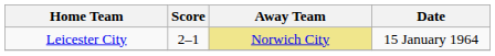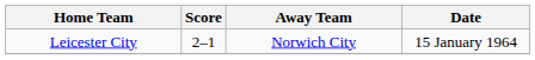 <table class="wikitable" style="text-align:center;">
 <tr>
 <th width=175>Home Team</th>
 <th width=20>Score</th>
 <th width=175>Away Team</th>
 <th width=125>Date</th>
 </tr>
 <tr>
 <td><a href='#'>Leicester City</a></td>
 <td>2–1</td>
-<td style="background: khaki;"><a href='#'>Norwich City</a></td>
+<td><a href='#'>Norwich City</a></td>
 <td>15 January 1964</td>
 </tr>
 <tr>
 </tr>
 </table>
